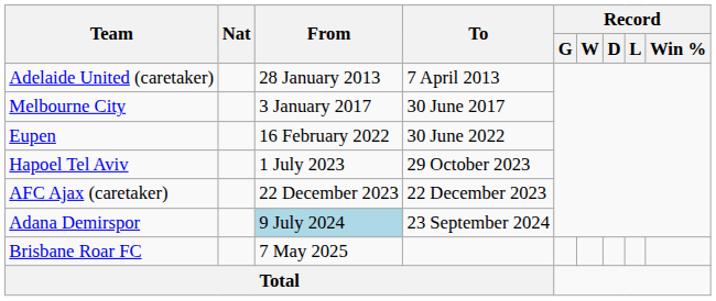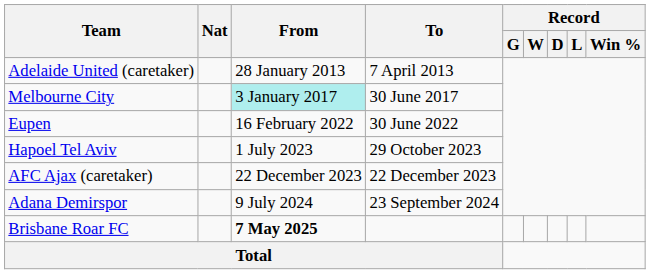 <table class="wikitable" style="text-align: center">
 <tr>
 <th rowspan="2">Team</th>
 <th rowspan="2">Nat</th>
 <th rowspan="2">From</th>
 <th rowspan="2">To</th>
 <th colspan="5">Record</th>
 </tr>
 <tr>
 <th>G</th>
 <th>W</th>
 <th>D</th>
 <th>L</th>
 <th>Win %</th>
 </tr>
 <tr>
 <td align=left><a href='#'>Adelaide United</a> (caretaker)</td>
 <td></td>
 <td align=left>28 January 2013</td>
 <td align=left>7 April 2013<br></td>
 </tr>
 <tr>
 <td align=left><a href='#'>Melbourne City</a></td>
 <td></td>
-<td align=left>3 January 2017</td>
+<td align=left style="background: paleturquoise;">3 January 2017</td>
 <td align=left>30 June 2017<br></td>
 </tr>
 <tr>
 <td align=left><a href='#'>Eupen</a></td>
 <td></td>
 <td align=left>16 February 2022</td>
 <td align=left>30 June 2022<br></td>
 </tr>
 <tr>
 <td align=left><a href='#'>Hapoel Tel Aviv</a></td>
 <td></td>
 <td align=left>1 July 2023</td>
 <td align=left>29 October 2023<br></td>
 </tr>
 <tr>
 <td align=left><a href='#'>AFC Ajax</a> (caretaker)</td>
 <td></td>
 <td align=left>22 December 2023</td>
 <td align=left>22 December 2023<br></td>
 </tr>
 <tr>
 <td align=left><a href='#'>Adana Demirspor</a></td>
 <td></td>
-<td align=left style="background: lightblue;">9 July 2024</td>
+<td align=left>9 July 2024</td>
 <td align=left>23 September 2024<br></td>
 </tr>
 <tr>
 <td align=left><a href='#'>Brisbane Roar FC</a></td>
 <td></td>
-<td align=left>7 May 2025</td>
+<td align=left><strong>7 May 2025</strong></td>
 <td></td>
 <td></td>
 <td></td>
 <td></td>
 <td></td>
 <td></td>
 </tr>
 <tr>
 <th colspan="4">Total<br></th>
 </tr>
 </table>
